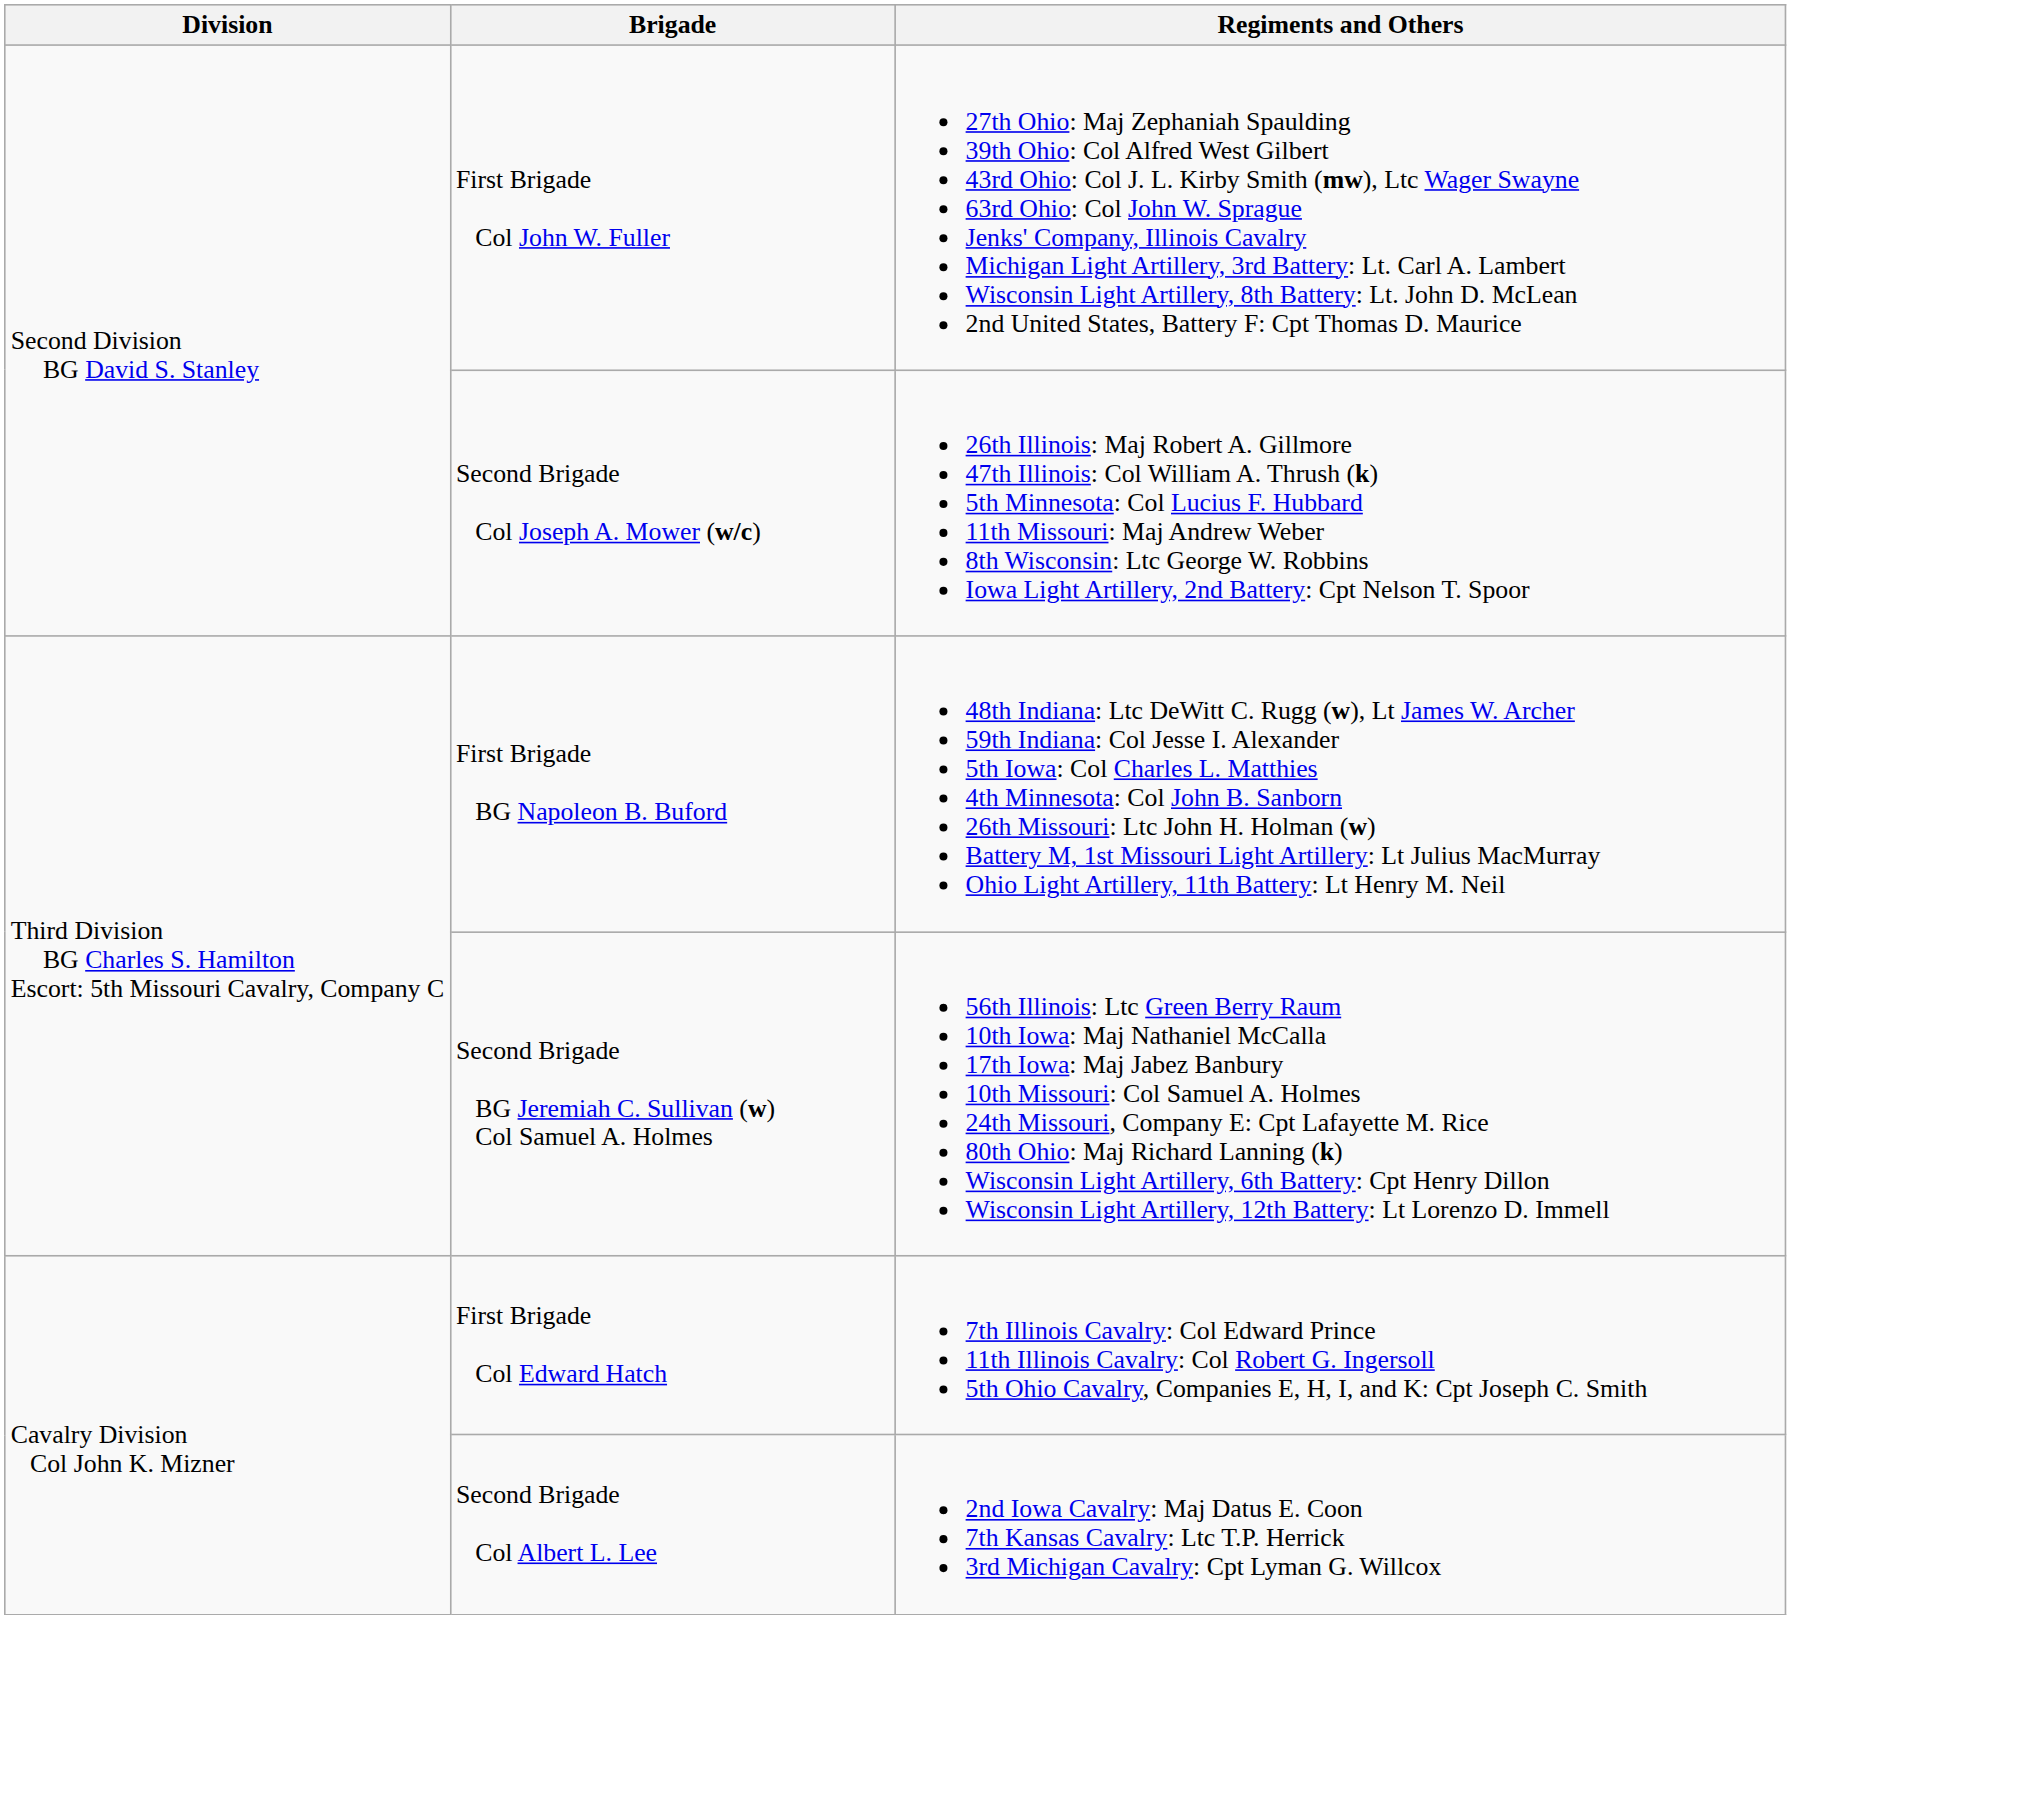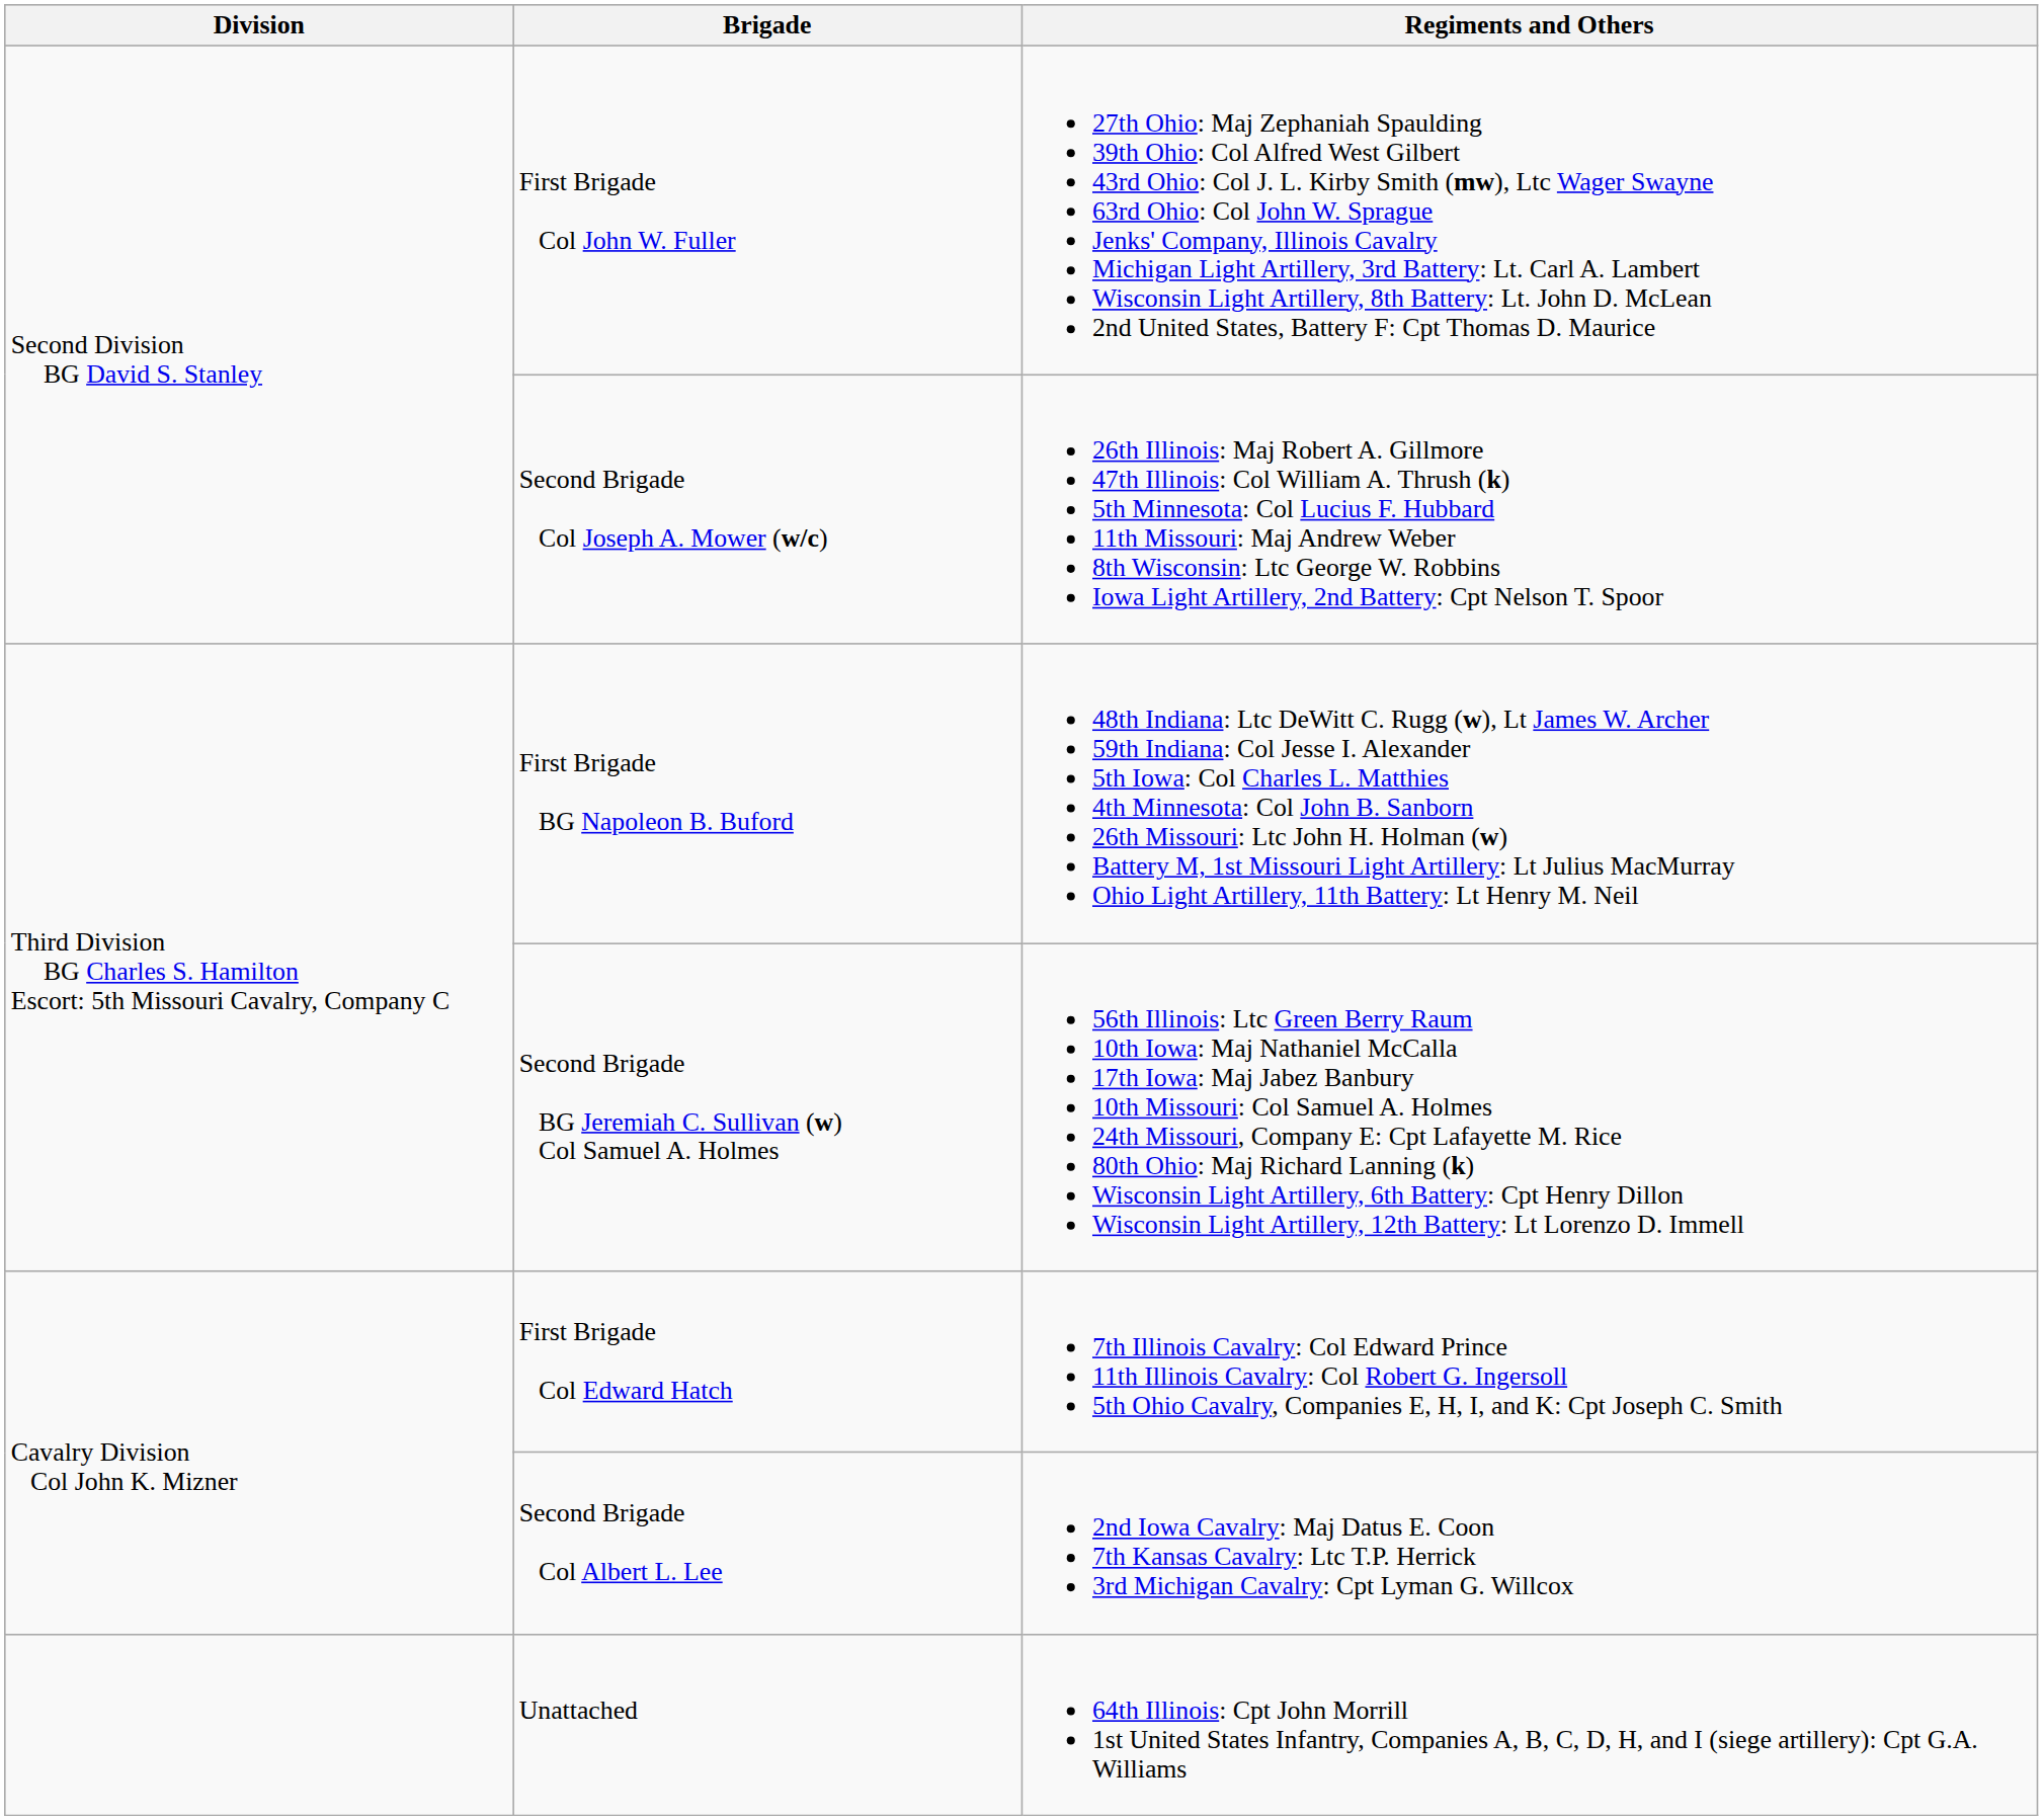 <table class="wikitable">
 <tr>
 <th width=25%>Division</th>
 <th width=25%>Brigade</th>
 <th>Regiments and Others</th>
 </tr>
 <tr>
 <td rowspan=2><br>Second Division <br>     BG <a href='#'>David S. Stanley</a></td>
 <td>First Brigade<br><br>   Col <a href='#'>John W. Fuller</a></td>
 <td><br><ul><li><a href='#'>27th Ohio</a>: Maj Zephaniah Spaulding</li><li><a href='#'>39th Ohio</a>: Col Alfred West Gilbert</li><li><a href='#'>43rd Ohio</a>: Col J. L. Kirby Smith (<strong>mw</strong>), Ltc <a href='#'>Wager Swayne</a></li><li><a href='#'>63rd Ohio</a>: Col <a href='#'>John W. Sprague</a></li><li><a href='#'>Jenks' Company, Illinois Cavalry</a></li><li><a href='#'>Michigan Light Artillery, 3rd Battery</a>: Lt. Carl A. Lambert</li><li><a href='#'>Wisconsin Light Artillery, 8th Battery</a>: Lt. John D. McLean</li><li>2nd United States, Battery F: Cpt Thomas D. Maurice</li></ul></td>
 </tr>
 <tr>
 <td>Second Brigade<br><br>   Col <a href='#'>Joseph A. Mower</a> (<strong>w/c</strong>)</td>
 <td><br><ul><li><a href='#'>26th Illinois</a>: Maj Robert A. Gillmore</li><li><a href='#'>47th Illinois</a>: Col William A. Thrush (<strong>k</strong>)</li><li><a href='#'>5th Minnesota</a>: Col <a href='#'>Lucius F. Hubbard</a></li><li><a href='#'>11th Missouri</a>: Maj Andrew Weber</li><li><a href='#'>8th Wisconsin</a>: Ltc George W. Robbins</li><li><a href='#'>Iowa Light Artillery, 2nd Battery</a>: Cpt Nelson T. Spoor</li></ul></td>
 </tr>
 <tr>
 <td rowspan=2><br>Third Division <br>     BG <a href='#'>Charles S. Hamilton</a><br>Escort: 5th Missouri Cavalry, Company C</td>
 <td>First Brigade<br><br>   BG <a href='#'>Napoleon B. Buford</a></td>
 <td><br><ul><li><a href='#'>48th Indiana</a>: Ltc DeWitt C. Rugg (<strong>w</strong>), Lt <a href='#'>James W. Archer</a></li><li><a href='#'>59th Indiana</a>: Col Jesse I. Alexander</li><li><a href='#'>5th Iowa</a>: Col <a href='#'>Charles L. Matthies</a></li><li><a href='#'>4th Minnesota</a>: Col <a href='#'>John B. Sanborn</a></li><li><a href='#'>26th Missouri</a>: Ltc John H. Holman (<strong>w</strong>)</li><li><a href='#'>Battery M, 1st Missouri Light Artillery</a>: Lt Julius MacMurray</li><li><a href='#'>Ohio Light Artillery, 11th Battery</a>: Lt Henry M. Neil</li></ul></td>
 </tr>
 <tr>
 <td>Second Brigade<br><br>   BG <a href='#'>Jeremiah C. Sullivan</a> (<strong>w</strong>) <br>   Col Samuel A. Holmes</td>
 <td><br><ul><li><a href='#'>56th Illinois</a>: Ltc <a href='#'>Green Berry Raum</a></li><li><a href='#'>10th Iowa</a>: Maj Nathaniel McCalla</li><li><a href='#'>17th Iowa</a>: Maj Jabez Banbury</li><li><a href='#'>10th Missouri</a>: Col Samuel A. Holmes</li><li><a href='#'>24th Missouri</a>, Company E: Cpt Lafayette M. Rice</li><li><a href='#'>80th Ohio</a>: Maj Richard Lanning (<strong>k</strong>)</li><li><a href='#'>Wisconsin Light Artillery, 6th Battery</a>: Cpt Henry Dillon</li><li><a href='#'>Wisconsin Light Artillery, 12th Battery</a>: Lt Lorenzo D. Immell</li></ul></td>
 </tr>
 <tr>
 <td rowspan=2><br>Cavalry Division <br>   Col John K. Mizner</td>
 <td>First Brigade<br><br>   Col <a href='#'>Edward Hatch</a></td>
 <td><br><ul><li><a href='#'>7th Illinois Cavalry</a>: Col Edward Prince</li><li><a href='#'>11th Illinois Cavalry</a>: Col <a href='#'>Robert G. Ingersoll</a></li><li><a href='#'>5th Ohio Cavalry</a>, Companies E, H, I, and K: Cpt Joseph C. Smith</li></ul></td>
 </tr>
 <tr>
 <td>Second Brigade<br><br>   Col <a href='#'>Albert L. Lee</a></td>
 <td><br><ul><li><a href='#'>2nd Iowa Cavalry</a>: Maj Datus E. Coon</li><li><a href='#'>7th Kansas Cavalry</a>: Ltc T.P. Herrick</li><li><a href='#'>3rd Michigan Cavalry</a>: Cpt Lyman G. Willcox</li></ul></td>
 </tr>
+<tr>
+<td></td>
+<td>Unattached<br><br></td>
+<td><br><ul><li><a href='#'>64th Illinois</a>: Cpt John Morrill</li><li>1st United States Infantry, Companies A, B, C, D, H, and I (siege artillery): Cpt G.A. Williams</li></ul></td>
+</tr>
 </table>
